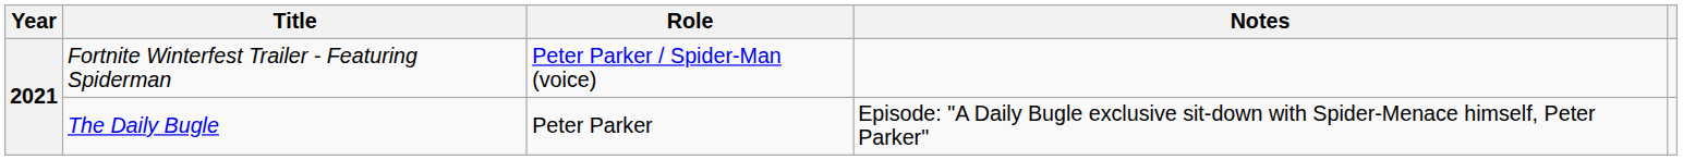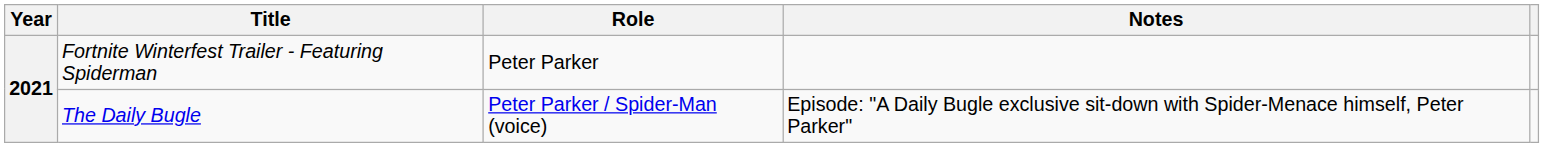 <table class="wikitable sortable plainrowheaders">
 <tr>
 <th scope="col">Year</th>
 <th scope="col">Title</th>
 <th scope="col">Role</th>
 <th scope="col">Notes</th>
 <th scope="col"></th>
 </tr>
 <tr>
 <th rowspan="2" scope="row">2021</th>
 <td><em>Fortnite Winterfest Trailer - Featuring Spiderman</em></td>
-<td><a href='#'> Peter Parker / Spider-Man</a> (voice)</td>
+<td>Peter Parker</td>
 <td></td>
 <td></td>
 </tr>
 <tr>
 <td><em><a href='#'>The Daily Bugle</a></em></td>
-<td>Peter Parker</td>
+<td><a href='#'> Peter Parker / Spider-Man</a> (voice)</td>
 <td>Episode: "A Daily Bugle exclusive sit-down with Spider-Menace himself, Peter Parker"</td>
 <td style="text-align:center;"></td>
 </tr>
 </table>
